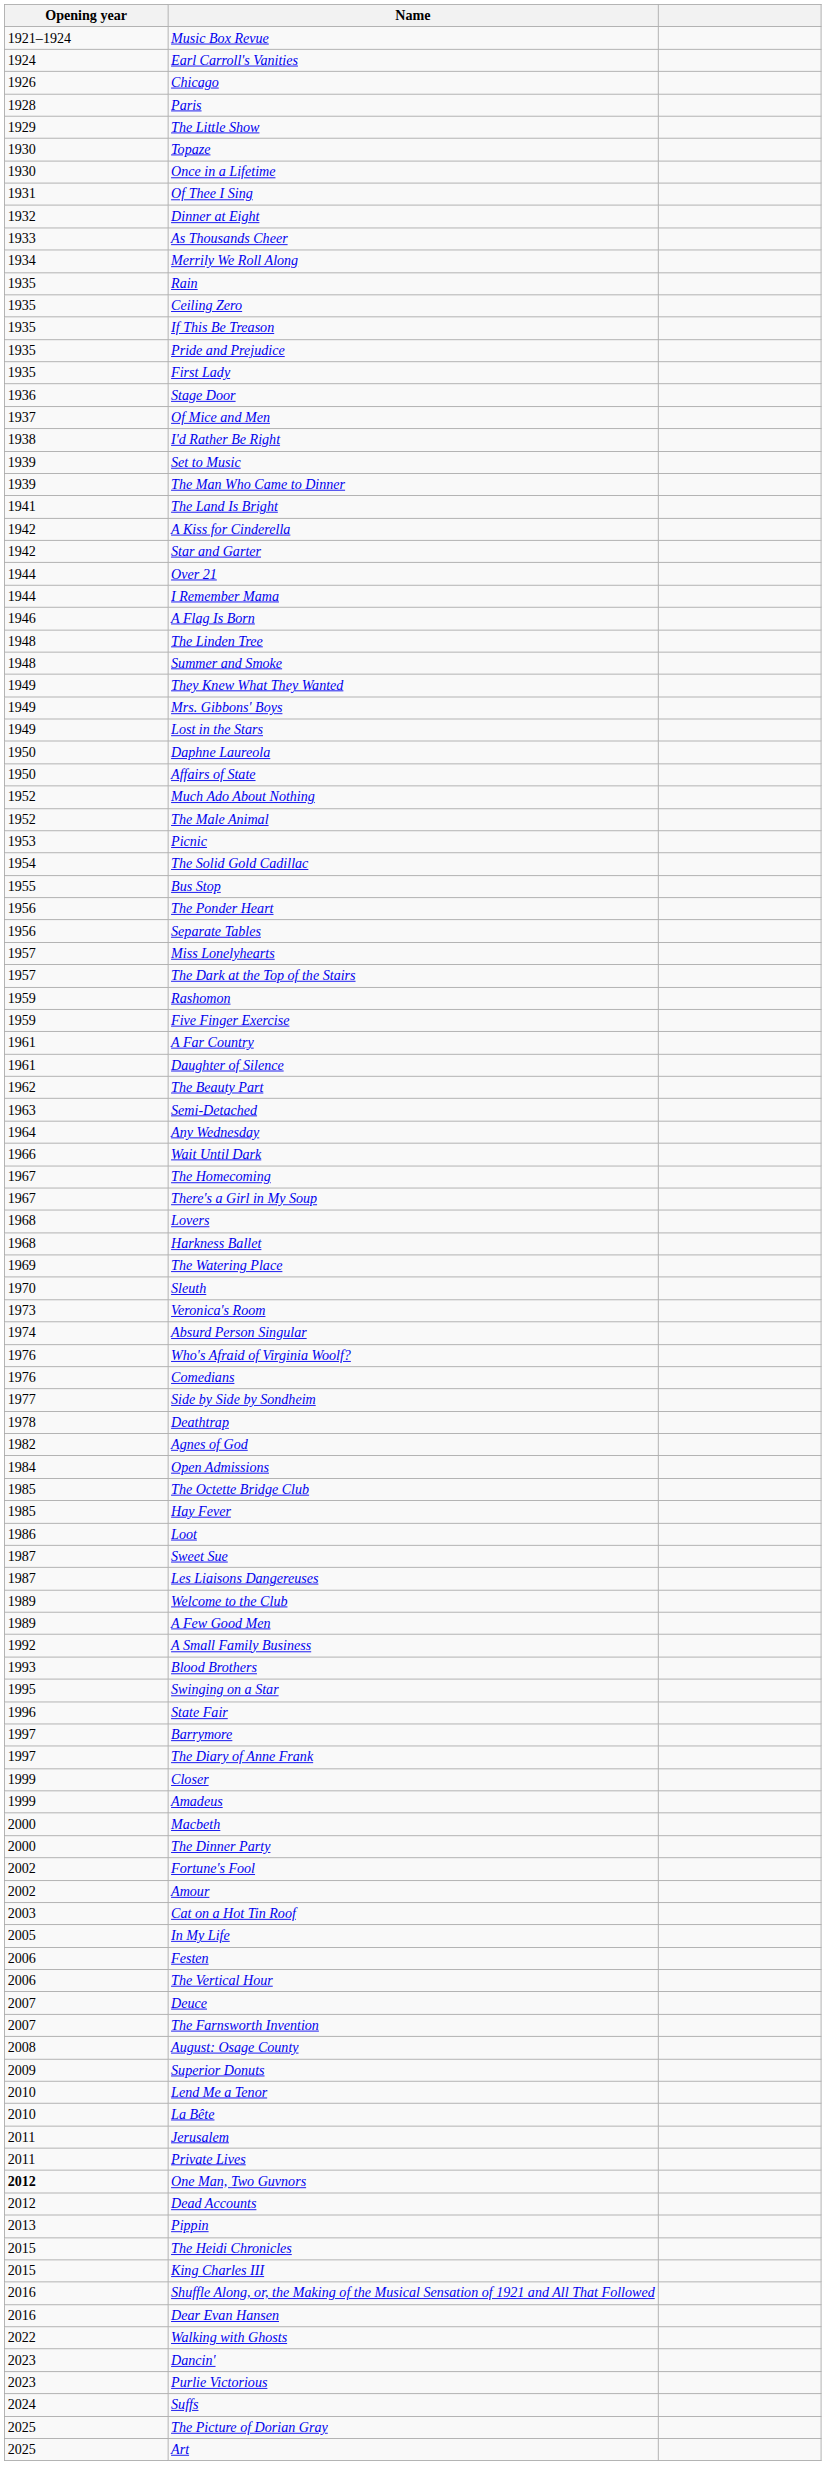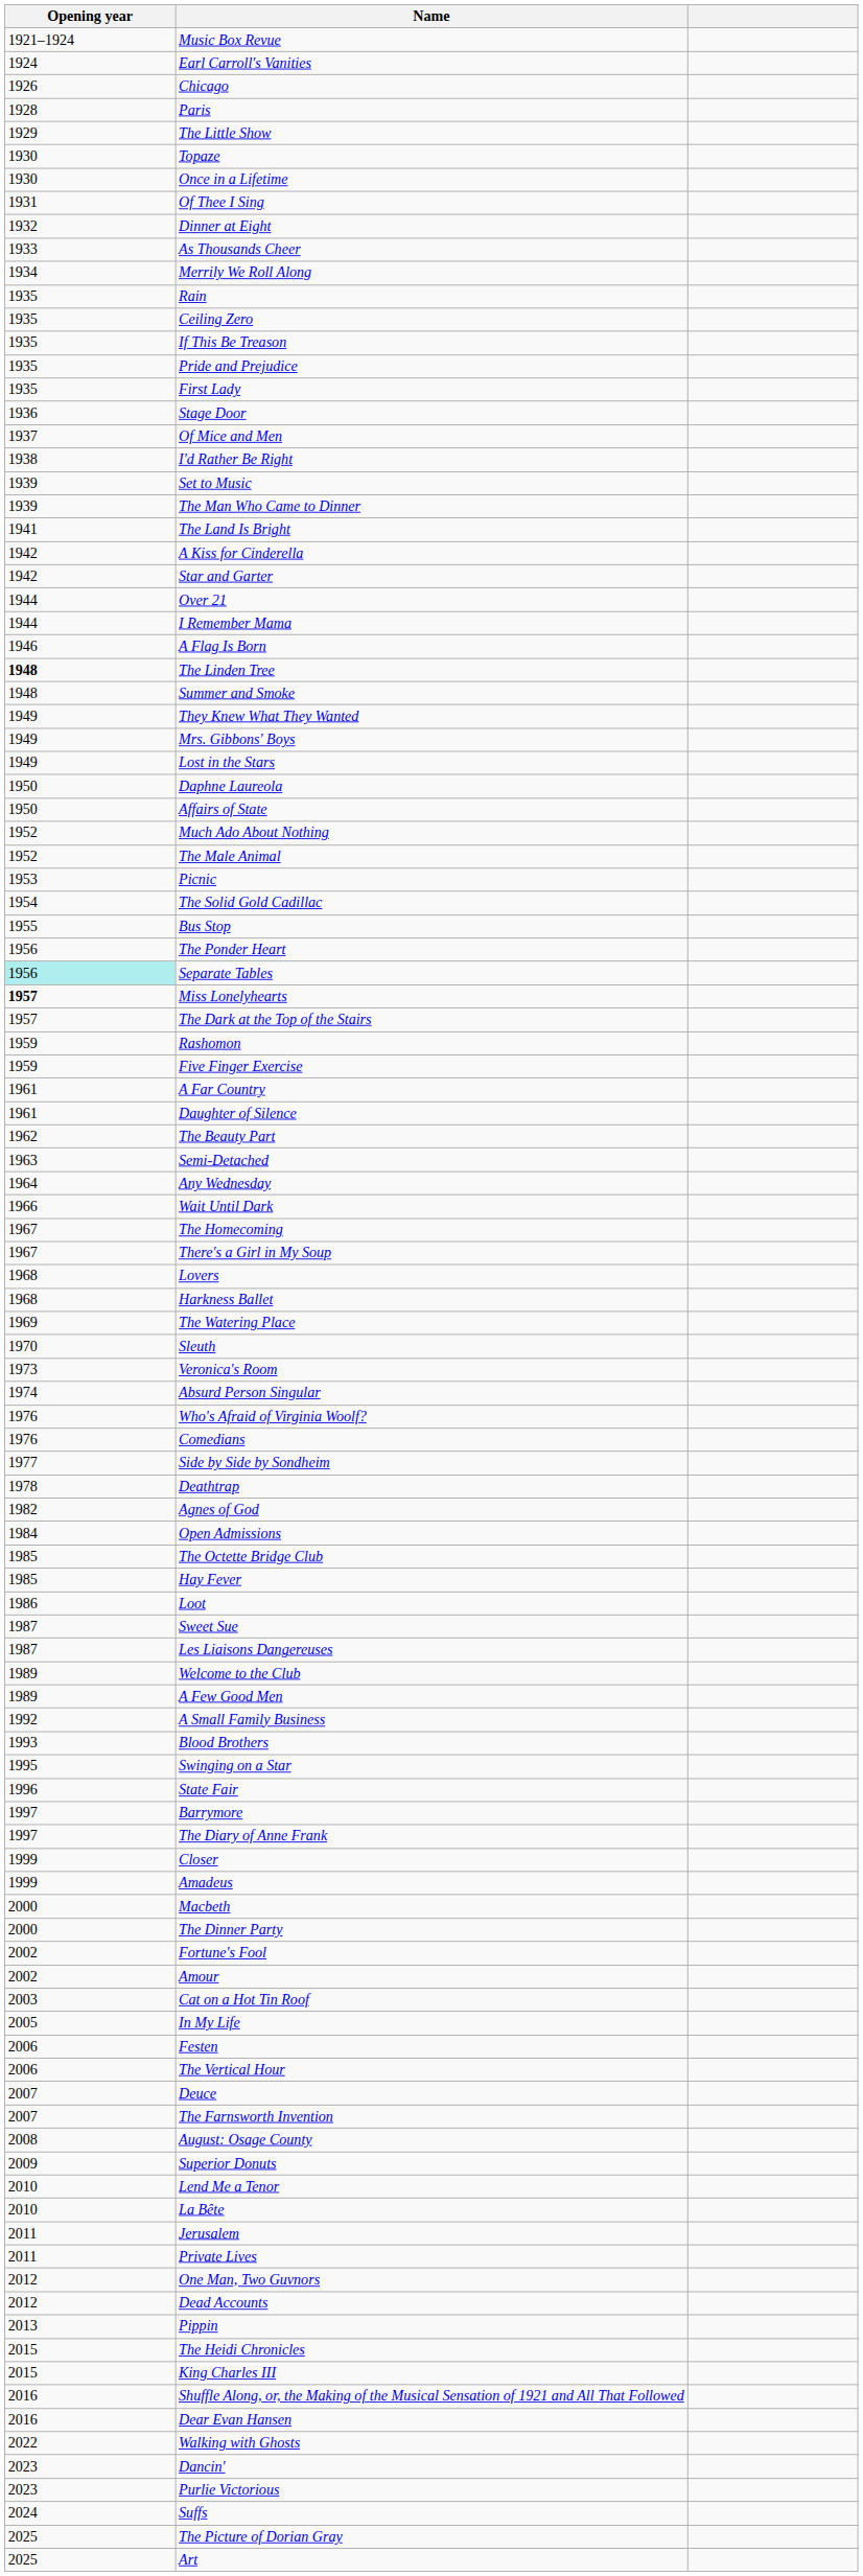 <table class="wikitable sortable collapsible">
 <tr>
 <th width=20% scope="col">Opening year</th>
 <th width=60% scope="col">Name</th>
 <th width=20% scope="col" class="unsortable"></th>
 </tr>
 <tr>
 <td>1921–1924</td>
 <td><em><a href='#'>Music Box Revue</a></em></td>
 <td></td>
 </tr>
 <tr>
 <td>1924</td>
 <td><em><a href='#'>Earl Carroll's Vanities</a></em></td>
 <td></td>
 </tr>
 <tr>
 <td>1926</td>
 <td><em><a href='#'>Chicago</a></em></td>
 <td></td>
 </tr>
 <tr>
 <td>1928</td>
 <td><em><a href='#'>Paris</a></em></td>
 <td></td>
 </tr>
 <tr>
 <td>1929</td>
 <td><em><a href='#'>The Little Show</a></em></td>
 <td></td>
 </tr>
 <tr>
 <td>1930</td>
 <td><em><a href='#'>Topaze</a></em></td>
 <td></td>
 </tr>
 <tr>
 <td>1930</td>
 <td><em><a href='#'>Once in a Lifetime</a></em></td>
 <td></td>
 </tr>
 <tr>
 <td>1931</td>
 <td><em><a href='#'>Of Thee I Sing</a></em></td>
 <td></td>
 </tr>
 <tr>
 <td>1932</td>
 <td><em><a href='#'>Dinner at Eight</a></em></td>
 <td></td>
 </tr>
 <tr>
 <td>1933</td>
 <td><em><a href='#'>As Thousands Cheer</a></em></td>
 <td></td>
 </tr>
 <tr>
 <td>1934</td>
 <td><em><a href='#'>Merrily We Roll Along</a></em></td>
 <td></td>
 </tr>
 <tr>
 <td>1935</td>
 <td><em><a href='#'>Rain</a></em></td>
 <td></td>
 </tr>
 <tr>
 <td>1935</td>
 <td><em><a href='#'>Ceiling Zero</a></em></td>
 <td></td>
 </tr>
 <tr>
 <td>1935</td>
 <td><em><a href='#'>If This Be Treason</a></em></td>
 <td></td>
 </tr>
 <tr>
 <td>1935</td>
 <td><em><a href='#'>Pride and Prejudice</a></em></td>
 <td></td>
 </tr>
 <tr>
 <td>1935</td>
 <td><em><a href='#'>First Lady</a></em></td>
 <td></td>
 </tr>
 <tr>
 <td>1936</td>
 <td><em><a href='#'>Stage Door</a></em></td>
 <td></td>
 </tr>
 <tr>
 <td>1937</td>
 <td><em><a href='#'>Of Mice and Men</a></em></td>
 <td></td>
 </tr>
 <tr>
 <td>1938</td>
 <td><em><a href='#'>I'd Rather Be Right</a></em></td>
 <td></td>
 </tr>
 <tr>
 <td>1939</td>
 <td><em><a href='#'>Set to Music</a></em></td>
 <td></td>
 </tr>
 <tr>
 <td>1939</td>
 <td><em><a href='#'>The Man Who Came to Dinner</a></em></td>
 <td></td>
 </tr>
 <tr>
 <td>1941</td>
 <td><em><a href='#'>The Land Is Bright</a></em></td>
 <td></td>
 </tr>
 <tr>
 <td>1942</td>
 <td><em><a href='#'>A Kiss for Cinderella</a></em></td>
 <td></td>
 </tr>
 <tr>
 <td>1942</td>
 <td><em><a href='#'>Star and Garter</a></em></td>
 <td></td>
 </tr>
 <tr>
 <td>1944</td>
 <td><em><a href='#'>Over 21</a></em></td>
 <td></td>
 </tr>
 <tr>
 <td>1944</td>
 <td><em><a href='#'>I Remember Mama</a></em></td>
 <td></td>
 </tr>
 <tr>
 <td>1946</td>
 <td><em><a href='#'>A Flag Is Born</a></em></td>
 <td></td>
 </tr>
 <tr>
-<td>1948</td>
+<td><strong>1948</strong></td>
 <td><em><a href='#'>The Linden Tree</a></em></td>
 <td></td>
 </tr>
 <tr>
 <td>1948</td>
 <td><em><a href='#'>Summer and Smoke</a></em></td>
 <td></td>
 </tr>
 <tr>
 <td>1949</td>
 <td><em><a href='#'>They Knew What They Wanted</a></em></td>
 <td></td>
 </tr>
 <tr>
 <td>1949</td>
 <td><em><a href='#'>Mrs. Gibbons' Boys</a></em></td>
 <td></td>
 </tr>
 <tr>
 <td>1949</td>
 <td><em><a href='#'>Lost in the Stars</a></em></td>
 <td></td>
 </tr>
 <tr>
 <td>1950</td>
 <td><em><a href='#'>Daphne Laureola</a></em></td>
 <td></td>
 </tr>
 <tr>
 <td>1950</td>
 <td><em><a href='#'>Affairs of State</a></em></td>
 <td></td>
 </tr>
 <tr>
 <td>1952</td>
 <td><em><a href='#'>Much Ado About Nothing</a></em></td>
 <td></td>
 </tr>
 <tr>
 <td>1952</td>
 <td><em><a href='#'>The Male Animal</a></em></td>
 <td></td>
 </tr>
 <tr>
 <td>1953</td>
 <td><em><a href='#'>Picnic</a></em></td>
 <td></td>
 </tr>
 <tr>
 <td>1954</td>
 <td><em><a href='#'>The Solid Gold Cadillac</a></em></td>
 <td></td>
 </tr>
 <tr>
 <td>1955</td>
 <td><em><a href='#'>Bus Stop</a></em></td>
 <td></td>
 </tr>
 <tr>
 <td>1956</td>
 <td><em><a href='#'>The Ponder Heart</a></em></td>
 <td></td>
 </tr>
 <tr>
-<td>1956</td>
+<td style="background: paleturquoise;">1956</td>
 <td><em><a href='#'>Separate Tables</a></em></td>
 <td></td>
 </tr>
 <tr>
-<td>1957</td>
+<td><strong>1957</strong></td>
 <td><em><a href='#'>Miss Lonelyhearts</a></em></td>
 <td></td>
 </tr>
 <tr>
 <td>1957</td>
 <td><em><a href='#'>The Dark at the Top of the Stairs</a></em></td>
 <td></td>
 </tr>
 <tr>
 <td>1959</td>
 <td><em><a href='#'>Rashomon</a></em></td>
 <td></td>
 </tr>
 <tr>
 <td>1959</td>
 <td><em><a href='#'>Five Finger Exercise</a></em></td>
 <td></td>
 </tr>
 <tr>
 <td>1961</td>
 <td><em><a href='#'>A Far Country</a></em></td>
 <td></td>
 </tr>
 <tr>
 <td>1961</td>
 <td><em><a href='#'>Daughter of Silence</a></em></td>
 <td></td>
 </tr>
 <tr>
 <td>1962</td>
 <td><em><a href='#'>The Beauty Part</a></em></td>
 <td></td>
 </tr>
 <tr>
 <td>1963</td>
 <td><em><a href='#'>Semi-Detached</a></em></td>
 <td></td>
 </tr>
 <tr>
 <td>1964</td>
 <td><em><a href='#'>Any Wednesday</a></em></td>
 <td></td>
 </tr>
 <tr>
 <td>1966</td>
 <td><em><a href='#'>Wait Until Dark</a></em></td>
 <td></td>
 </tr>
 <tr>
 <td>1967</td>
 <td><em><a href='#'>The Homecoming</a></em></td>
 <td></td>
 </tr>
 <tr>
 <td>1967</td>
 <td><em><a href='#'>There's a Girl in My Soup</a></em></td>
 <td></td>
 </tr>
 <tr>
 <td>1968</td>
 <td><em><a href='#'>Lovers</a></em></td>
 <td></td>
 </tr>
 <tr>
 <td>1968</td>
 <td><em><a href='#'>Harkness Ballet</a></em></td>
 <td></td>
 </tr>
 <tr>
 <td>1969</td>
 <td><em><a href='#'>The Watering Place</a></em></td>
 <td></td>
 </tr>
 <tr>
 <td>1970</td>
 <td><em><a href='#'>Sleuth</a></em></td>
 <td></td>
 </tr>
 <tr>
 <td>1973</td>
 <td><em><a href='#'>Veronica's Room</a></em></td>
 <td></td>
 </tr>
 <tr>
 <td>1974</td>
 <td><em><a href='#'>Absurd Person Singular</a></em></td>
 <td></td>
 </tr>
 <tr>
 <td>1976</td>
 <td><em><a href='#'>Who's Afraid of Virginia Woolf?</a></em></td>
 <td></td>
 </tr>
 <tr>
 <td>1976</td>
 <td><em><a href='#'>Comedians</a></em></td>
 <td></td>
 </tr>
 <tr>
 <td>1977</td>
 <td><em><a href='#'>Side by Side by Sondheim</a></em></td>
 <td></td>
 </tr>
 <tr>
 <td>1978</td>
 <td><em><a href='#'>Deathtrap</a></em></td>
 <td></td>
 </tr>
 <tr>
 <td>1982</td>
 <td><em><a href='#'>Agnes of God</a></em></td>
 <td></td>
 </tr>
 <tr>
 <td>1984</td>
 <td><em><a href='#'>Open Admissions</a></em></td>
 <td></td>
 </tr>
 <tr>
 <td>1985</td>
 <td><em><a href='#'>The Octette Bridge Club</a></em></td>
 <td></td>
 </tr>
 <tr>
 <td>1985</td>
 <td><em><a href='#'>Hay Fever</a></em></td>
 <td></td>
 </tr>
 <tr>
 <td>1986</td>
 <td><em><a href='#'>Loot</a></em></td>
 <td></td>
 </tr>
 <tr>
 <td>1987</td>
 <td><em><a href='#'>Sweet Sue</a></em></td>
 <td></td>
 </tr>
 <tr>
 <td>1987</td>
 <td><em><a href='#'>Les Liaisons Dangereuses</a></em></td>
 <td></td>
 </tr>
 <tr>
 <td>1989</td>
 <td><em><a href='#'>Welcome to the Club</a></em></td>
 <td></td>
 </tr>
 <tr>
 <td>1989</td>
 <td><em><a href='#'>A Few Good Men</a></em></td>
 <td></td>
 </tr>
 <tr>
 <td>1992</td>
 <td><em><a href='#'>A Small Family Business</a></em></td>
 <td></td>
 </tr>
 <tr>
 <td>1993</td>
 <td><em><a href='#'>Blood Brothers</a></em></td>
 <td></td>
 </tr>
 <tr>
 <td>1995</td>
 <td><em><a href='#'>Swinging on a Star</a></em></td>
 <td></td>
 </tr>
 <tr>
 <td>1996</td>
 <td><em><a href='#'>State Fair</a></em></td>
 <td></td>
 </tr>
 <tr>
 <td>1997</td>
 <td><em><a href='#'>Barrymore</a></em></td>
 <td></td>
 </tr>
 <tr>
 <td>1997</td>
 <td><em><a href='#'>The Diary of Anne Frank</a></em></td>
 <td></td>
 </tr>
 <tr>
 <td>1999</td>
 <td><em><a href='#'>Closer</a></em></td>
 <td></td>
 </tr>
 <tr>
 <td>1999</td>
 <td><em><a href='#'>Amadeus</a></em></td>
 <td></td>
 </tr>
 <tr>
 <td>2000</td>
 <td><em><a href='#'>Macbeth</a></em></td>
 <td></td>
 </tr>
 <tr>
 <td>2000</td>
 <td><em><a href='#'>The Dinner Party</a></em></td>
 <td></td>
 </tr>
 <tr>
 <td>2002</td>
 <td><em><a href='#'>Fortune's Fool</a></em></td>
 <td></td>
 </tr>
 <tr>
 <td>2002</td>
 <td><em><a href='#'>Amour</a></em></td>
 <td></td>
 </tr>
 <tr>
 <td>2003</td>
 <td><em><a href='#'>Cat on a Hot Tin Roof</a></em></td>
 <td></td>
 </tr>
 <tr>
 <td>2005</td>
 <td><em><a href='#'>In My Life</a></em></td>
 <td></td>
 </tr>
 <tr>
 <td>2006</td>
 <td><em><a href='#'>Festen</a></em></td>
 <td></td>
 </tr>
 <tr>
 <td>2006</td>
 <td><em><a href='#'>The Vertical Hour</a></em></td>
 <td></td>
 </tr>
 <tr>
 <td>2007</td>
 <td><em><a href='#'>Deuce</a></em></td>
 <td></td>
 </tr>
 <tr>
 <td>2007</td>
 <td><em><a href='#'>The Farnsworth Invention</a></em></td>
 <td></td>
 </tr>
 <tr>
 <td>2008</td>
 <td><em><a href='#'>August: Osage County</a></em></td>
 <td></td>
 </tr>
 <tr>
 <td>2009</td>
 <td><em><a href='#'>Superior Donuts</a></em></td>
 <td></td>
 </tr>
 <tr>
 <td>2010</td>
 <td><em><a href='#'>Lend Me a Tenor</a></em></td>
 <td></td>
 </tr>
 <tr>
 <td>2010</td>
 <td><em><a href='#'>La Bête</a></em></td>
 <td></td>
 </tr>
 <tr>
 <td>2011</td>
 <td><em><a href='#'>Jerusalem</a></em></td>
 <td></td>
 </tr>
 <tr>
 <td>2011</td>
 <td><em><a href='#'>Private Lives</a></em></td>
 <td></td>
 </tr>
 <tr>
-<td><strong>2012</strong></td>
+<td>2012</td>
 <td><em><a href='#'>One Man, Two Guvnors</a></em></td>
 <td></td>
 </tr>
 <tr>
 <td>2012</td>
 <td><em><a href='#'>Dead Accounts</a></em></td>
 <td></td>
 </tr>
 <tr>
 <td>2013</td>
 <td><em><a href='#'>Pippin</a></em></td>
 <td></td>
 </tr>
 <tr>
 <td>2015</td>
 <td><em><a href='#'>The Heidi Chronicles</a></em></td>
 <td></td>
 </tr>
 <tr>
 <td>2015</td>
 <td><em><a href='#'>King Charles III</a></em></td>
 <td></td>
 </tr>
 <tr>
 <td>2016</td>
 <td><em><a href='#'>Shuffle Along, or, the Making of the Musical Sensation of 1921 and All That Followed</a></em></td>
 <td></td>
 </tr>
 <tr>
 <td>2016</td>
 <td><em><a href='#'>Dear Evan Hansen</a></em></td>
 <td></td>
 </tr>
 <tr>
 <td>2022</td>
 <td><em><a href='#'>Walking with Ghosts</a></em></td>
 <td></td>
 </tr>
 <tr>
 <td>2023</td>
 <td><em><a href='#'>Dancin'</a></em></td>
 <td></td>
 </tr>
 <tr>
 <td>2023</td>
 <td><em><a href='#'>Purlie Victorious</a></em></td>
 <td></td>
 </tr>
 <tr>
 <td>2024</td>
 <td><em><a href='#'>Suffs</a></em></td>
 <td></td>
 </tr>
 <tr>
 <td>2025</td>
 <td><em><a href='#'>The Picture of Dorian Gray</a></em></td>
 <td></td>
 </tr>
 <tr>
 <td>2025</td>
 <td><em><a href='#'>Art</a></em></td>
 <td></td>
 </tr>
 </table>
